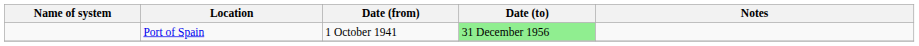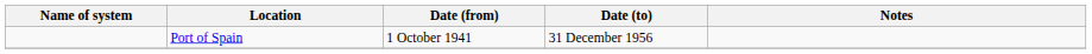 <table class="wikitable" width=100%>
 <tr>
 <th width=15%>Name of system</th>
 <th width=20%>Location</th>
 <th width=15%>Date (from)</th>
 <th width=15%>Date (to)</th>
 <th width=35%>Notes</th>
 </tr>
 <tr>
 <td> </td>
 <td><a href='#'>Port of Spain</a></td>
 <td>1 October 1941</td>
-<td style="background: lightgreen;">31 December 1956</td>
+<td>31 December 1956</td>
 <td> </td>
 </tr>
 <tr>
 </tr>
 </table>
